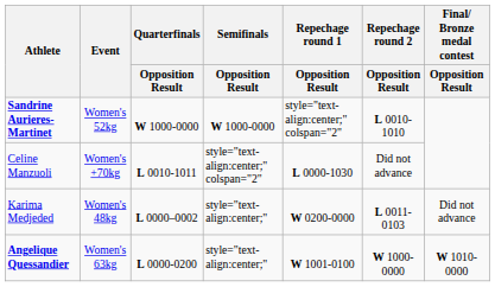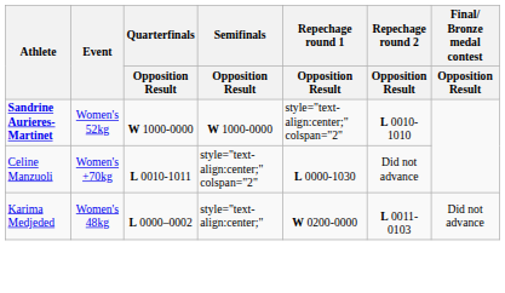 <table class=wikitable style="font-size:90%">
 <tr>
 <th rowspan="2">Athlete</th>
 <th rowspan="2">Event</th>
 <th>Quarterfinals</th>
 <th>Semifinals</th>
 <th>Repechage <br>round 1</th>
 <th>Repechage <br>round 2</th>
 <th>Final/<br>Bronze medal contest</th>
 </tr>
 <tr>
 <th>Opposition<br>Result</th>
 <th>Opposition<br>Result</th>
 <th>Opposition<br>Result</th>
 <th>Opposition<br>Result</th>
 <th>Opposition<br>Result</th>
 </tr>
 <tr>
 <td><strong><a href='#'>Sandrine Aurieres-Martinet</a></strong></td>
 <td style="text-align:center;"><a href='#'>Women's 52kg</a></td>
 <td style="text-align:center;"><br> <strong>W</strong> 1000-0000</td>
 <td style="text-align:center;"><br> <strong>W</strong> 1000-0000</td>
 <td>style="text-align:center;" colspan="2" </td>
 <td style="text-align:center;"><br> <strong>L</strong> 0010-1010</td>
 </tr>
 <tr>
 <td><a href='#'>Celine Manzuoli</a></td>
 <td style="text-align:center;"><a href='#'>Women's +70kg</a></td>
 <td style="text-align:center;"><br> <strong>L</strong> 0010-1011</td>
 <td>style="text-align:center;" colspan="2" </td>
 <td style="text-align:center;"><br> <strong>L</strong> 0000-1030</td>
 <td style="text-align:center;">Did not advance</td>
 </tr>
 <tr>
 <td><a href='#'>Karima Medjeded</a></td>
 <td style="text-align:center;"><a href='#'>Women's 48kg</a></td>
 <td style="text-align:center;"><br> <strong>L</strong> 0000–0002</td>
 <td>style="text-align:center;" </td>
 <td style="text-align:center;"><br> <strong>W</strong> 0200-0000</td>
 <td style="text-align:center;"><br> <strong>L</strong> 0011-0103 </td>
 <td style="text-align:center;">Did not advance</td>
 </tr>
-<tr>
-<td><strong><a href='#'>Angelique Quessandier</a></strong></td>
-<td style="text-align:center;"><a href='#'>Women's 63kg</a></td>
-<td style="text-align:center;"><br> <strong>L</strong> 0000-0200</td>
-<td>style="text-align:center;" </td>
-<td style="text-align:center;"><br> <strong>W</strong> 1001-0100</td>
-<td style="text-align:center;"><br> <strong>W</strong> 1000-0000</td>
-<td style="text-align:center;"><br> <strong>W</strong> 1010-0000 </td>
-</tr>
 </table>
